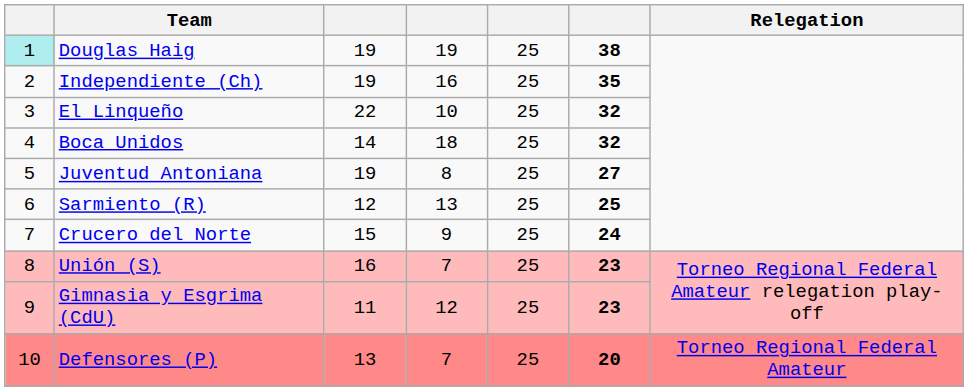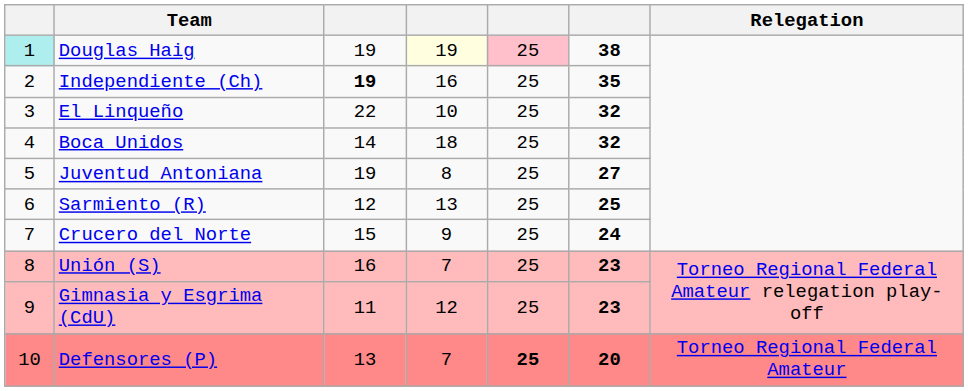 <table class="wikitable" style="text-align: center;">
 <tr>
 <th width=28><br></th>
 <th width=180>Team</th>
 <th width=50></th>
 <th width=50></th>
 <th width=50></th>
 <th width=50></th>
 <th width=210>Relegation</th>
 </tr>
 <tr>
 <td style="background: paleturquoise;">1</td>
 <td align="left"><a href='#'>Douglas Haig</a></td>
 <td>19</td>
-<td>19</td>
-<td>25</td>
+<td style="background: lightyellow;">19</td>
+<td style="background: pink;">25</td>
 <td><strong>38</strong></td>
 </tr>
 <tr>
 <td>2</td>
 <td align="left"><a href='#'>Independiente (Ch)</a></td>
-<td>19</td>
+<td><strong>19</strong></td>
 <td>16</td>
 <td>25</td>
 <td><strong>35</strong></td>
 </tr>
 <tr>
 <td>3</td>
 <td align="left"><a href='#'>El Linqueño</a></td>
 <td>22</td>
 <td>10</td>
 <td>25</td>
 <td><strong>32</strong></td>
 </tr>
 <tr>
 <td>4</td>
 <td align="left"><a href='#'>Boca Unidos</a></td>
 <td>14</td>
 <td>18</td>
 <td>25</td>
 <td><strong>32</strong></td>
 </tr>
 <tr>
 <td>5</td>
 <td align="left"><a href='#'>Juventud Antoniana</a></td>
 <td>19</td>
 <td>8</td>
 <td>25</td>
 <td><strong>27</strong></td>
 </tr>
 <tr>
 <td>6</td>
 <td align="left"><a href='#'>Sarmiento (R)</a></td>
 <td>12</td>
 <td>13</td>
 <td>25</td>
 <td><strong>25</strong></td>
 </tr>
 <tr>
 <td>7</td>
 <td align="left"><a href='#'>Crucero del Norte</a></td>
 <td>15</td>
 <td>9</td>
 <td>25</td>
 <td><strong>24</strong></td>
 </tr>
 <tr bgcolor=#FFBBBB>
 <td>8</td>
 <td align="left"><a href='#'>Unión (S)</a></td>
 <td>16</td>
 <td>7</td>
 <td>25</td>
 <td><strong>23</strong></td>
 <td rowspan=2><a href='#'>Torneo Regional Federal Amateur</a> relegation play-off</td>
 </tr>
 <tr bgcolor=#FFBBBB>
 <td>9</td>
 <td align="left"><a href='#'>Gimnasia y Esgrima (CdU)</a></td>
 <td>11</td>
 <td>12</td>
 <td>25</td>
 <td><strong>23</strong></td>
 </tr>
 <tr bgcolor=#FF8888>
 <td>10</td>
 <td align="left"><a href='#'>Defensores (P)</a></td>
 <td>13</td>
 <td>7</td>
-<td>25</td>
+<td><strong>25</strong></td>
 <td><strong>20</strong></td>
 <td><a href='#'>Torneo Regional Federal Amateur</a></td>
 </tr>
 </table>
